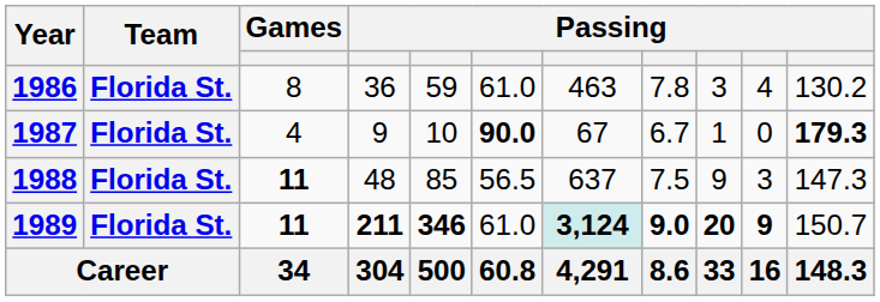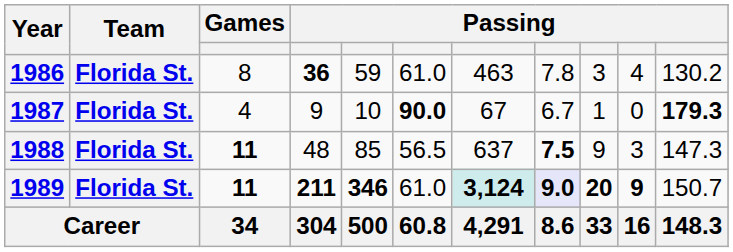 <table class="wikitable" style="text-align:center;">
 <tr>
 <th rowspan="2">Year</th>
 <th rowspan="2">Team</th>
 <th colspan="1">Games</th>
 <th colspan="8">Passing</th>
 </tr>
 <tr>
 <th></th>
 <th></th>
 <th></th>
 <th></th>
 <th></th>
 <th></th>
 <th></th>
 <th></th>
 <th></th>
 </tr>
 <tr>
 <th><a href='#'>1986</a></th>
 <th><a href='#'>Florida St.</a></th>
 <td>8</td>
-<td>36</td>
+<td><strong>36</strong></td>
 <td>59</td>
 <td>61.0</td>
 <td>463</td>
 <td>7.8</td>
 <td>3</td>
 <td>4</td>
 <td>130.2</td>
 </tr>
 <tr>
 <th><a href='#'>1987</a></th>
 <th><a href='#'>Florida St.</a></th>
 <td>4</td>
 <td>9</td>
 <td>10</td>
 <td><strong>90.0</strong></td>
 <td>67</td>
 <td>6.7</td>
 <td>1</td>
 <td>0</td>
 <td><strong>179.3</strong></td>
 </tr>
 <tr>
 <th><a href='#'>1988</a></th>
 <th><a href='#'>Florida St.</a></th>
 <td><strong>11</strong></td>
 <td>48</td>
 <td>85</td>
 <td>56.5</td>
 <td>637</td>
-<td>7.5</td>
+<td><strong>7.5</strong></td>
 <td>9</td>
 <td>3</td>
 <td>147.3</td>
 </tr>
 <tr>
 <th><a href='#'>1989</a></th>
 <th><a href='#'>Florida St.</a></th>
 <td><strong>11</strong></td>
 <td><strong>211</strong></td>
 <td><strong>346</strong></td>
 <td>61.0</td>
 <td style="background:#cfecec; width:3em;"><strong>3,124</strong></td>
-<td><strong>9.0</strong></td>
+<td style="background: lavender;"><strong>9.0</strong></td>
 <td><strong>20</strong></td>
 <td><strong>9</strong></td>
 <td>150.7</td>
 </tr>
 <tr>
 <th colspan="2">Career</th>
 <th>34</th>
 <th>304</th>
 <th>500</th>
 <th>60.8</th>
 <th>4,291</th>
 <th>8.6</th>
 <th>33</th>
 <th>16</th>
 <th>148.3</th>
 </tr>
 </table>
